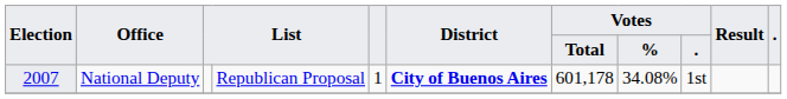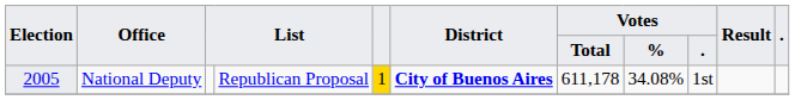 <table class="wikitable" style="font-size:90%; text-align:center;">
 <tr>
 <th style="background-color:#EAECF0;" rowspan=2>Election</th>
 <th style="background-color:#EAECF0;" rowspan=2>Office</th>
 <th style="background-color:#EAECF0;" colspan=2 rowspan=2>List</th>
 <th style="background-color:#EAECF0;" rowspan=2></th>
 <th style="background-color:#EAECF0;" rowspan=2>District</th>
 <th style="background-color:#EAECF0;" colspan=3>Votes</th>
 <th style="background-color:#EAECF0;" rowspan=2>Result</th>
 <th style="background-color:#EAECF0;" rowspan=2>.</th>
 </tr>
 <tr>
 <th style="background-color:#EAECF0;">Total</th>
 <th style="background-color:#EAECF0;">%</th>
 <th style="background-color:#EAECF0;">.</th>
 </tr>
 <tr>
-<td style="background-color:#EAECF0;"><a href='#'>2007</a></td>
+<td style="background-color:#EAECF0;"><a href='#'>2005</a></td>
 <td><a href='#'>National Deputy</a></td>
 <td style="background-color:"></td>
 <td><a href='#'>Republican Proposal</a></td>
-<td>1</td>
+<td style="background: gold;">1</td>
 <td><strong><a href='#'>City of Buenos Aires</a></strong></td>
-<td>601,178</td>
+<td>611,178</td>
 <td>34.08%</td>
 <td>1st</td>
 <td></td>
 <td></td>
 </tr>
 <tr>
 </tr>
 </table>
